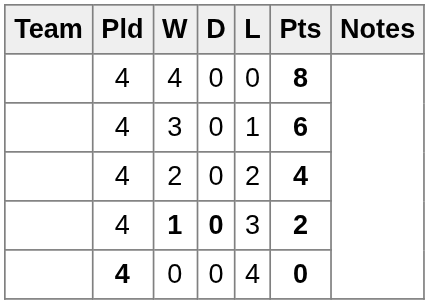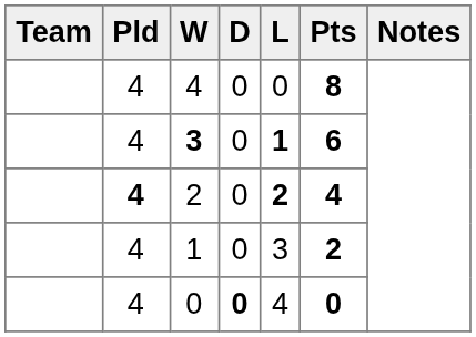 <table style=border-collapse:collapse border=1 cellspacing=0 cellpadding=5>
 <tr align=center bgcolor=#efefef>
 <th>Team</th>
 <th>Pld</th>
 <th>W</th>
 <th>D</th>
 <th>L</th>
 <th>Pts</th>
 <th>Notes</th>
 </tr>
 <tr align=center style="background:#FFFFFF;">
 <td style="text-align:left;"> </td>
 <td>4</td>
 <td>4</td>
 <td>0</td>
 <td>0</td>
 <td><strong>8</strong></td>
 <td rowspan=5></td>
 </tr>
 <tr align=center style="background:#FFFFFF;">
 <td style="text-align:left;"> </td>
 <td>4</td>
-<td>3</td>
+<td><strong>3</strong></td>
 <td>0</td>
-<td>1</td>
+<td><strong>1</strong></td>
 <td><strong>6</strong></td>
 </tr>
 <tr align=center style="background:#FFFFFF;">
 <td style="text-align:left;"> </td>
-<td>4</td>
+<td><strong>4</strong></td>
 <td>2</td>
 <td>0</td>
-<td>2</td>
+<td><strong>2</strong></td>
 <td><strong>4</strong></td>
 </tr>
 <tr align=center style="background:#FFFFFF;">
 <td style="text-align:left;"> </td>
 <td>4</td>
-<td><strong>1</strong></td>
-<td><strong>0</strong></td>
+<td>1</td>
+<td>0</td>
 <td>3</td>
 <td><strong>2</strong></td>
 </tr>
 <tr align=center style="background:#FFFFFF;">
 <td style="text-align:left;"> </td>
-<td><strong>4</strong></td>
+<td>4</td>
 <td>0</td>
-<td>0</td>
+<td><strong>0</strong></td>
 <td>4</td>
 <td><strong>0</strong></td>
 </tr>
 </table>
